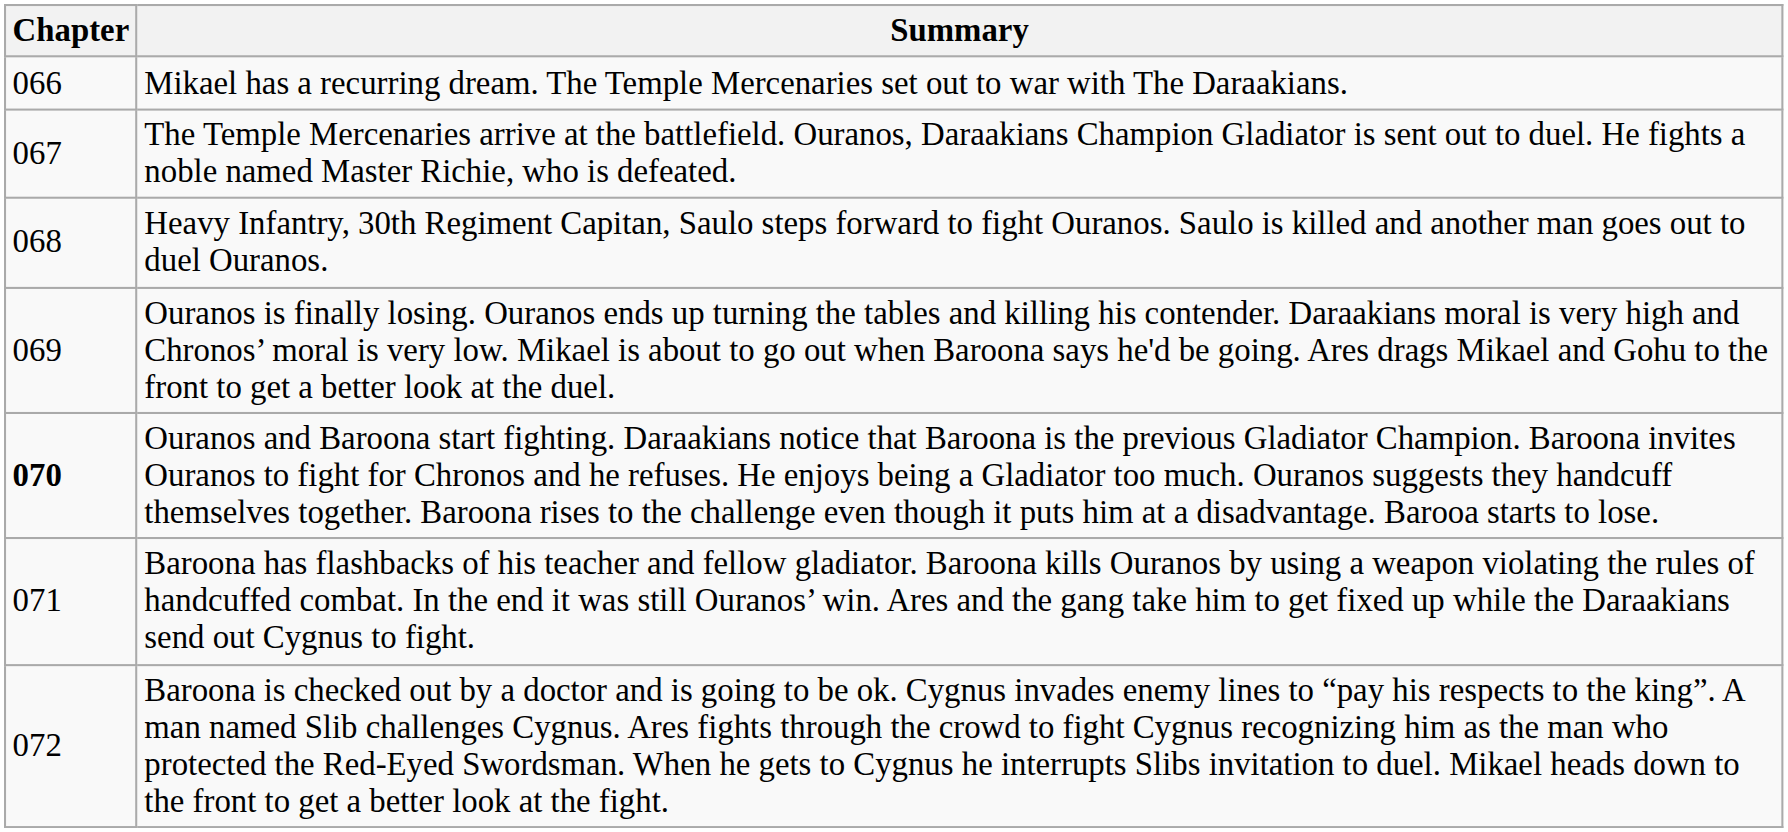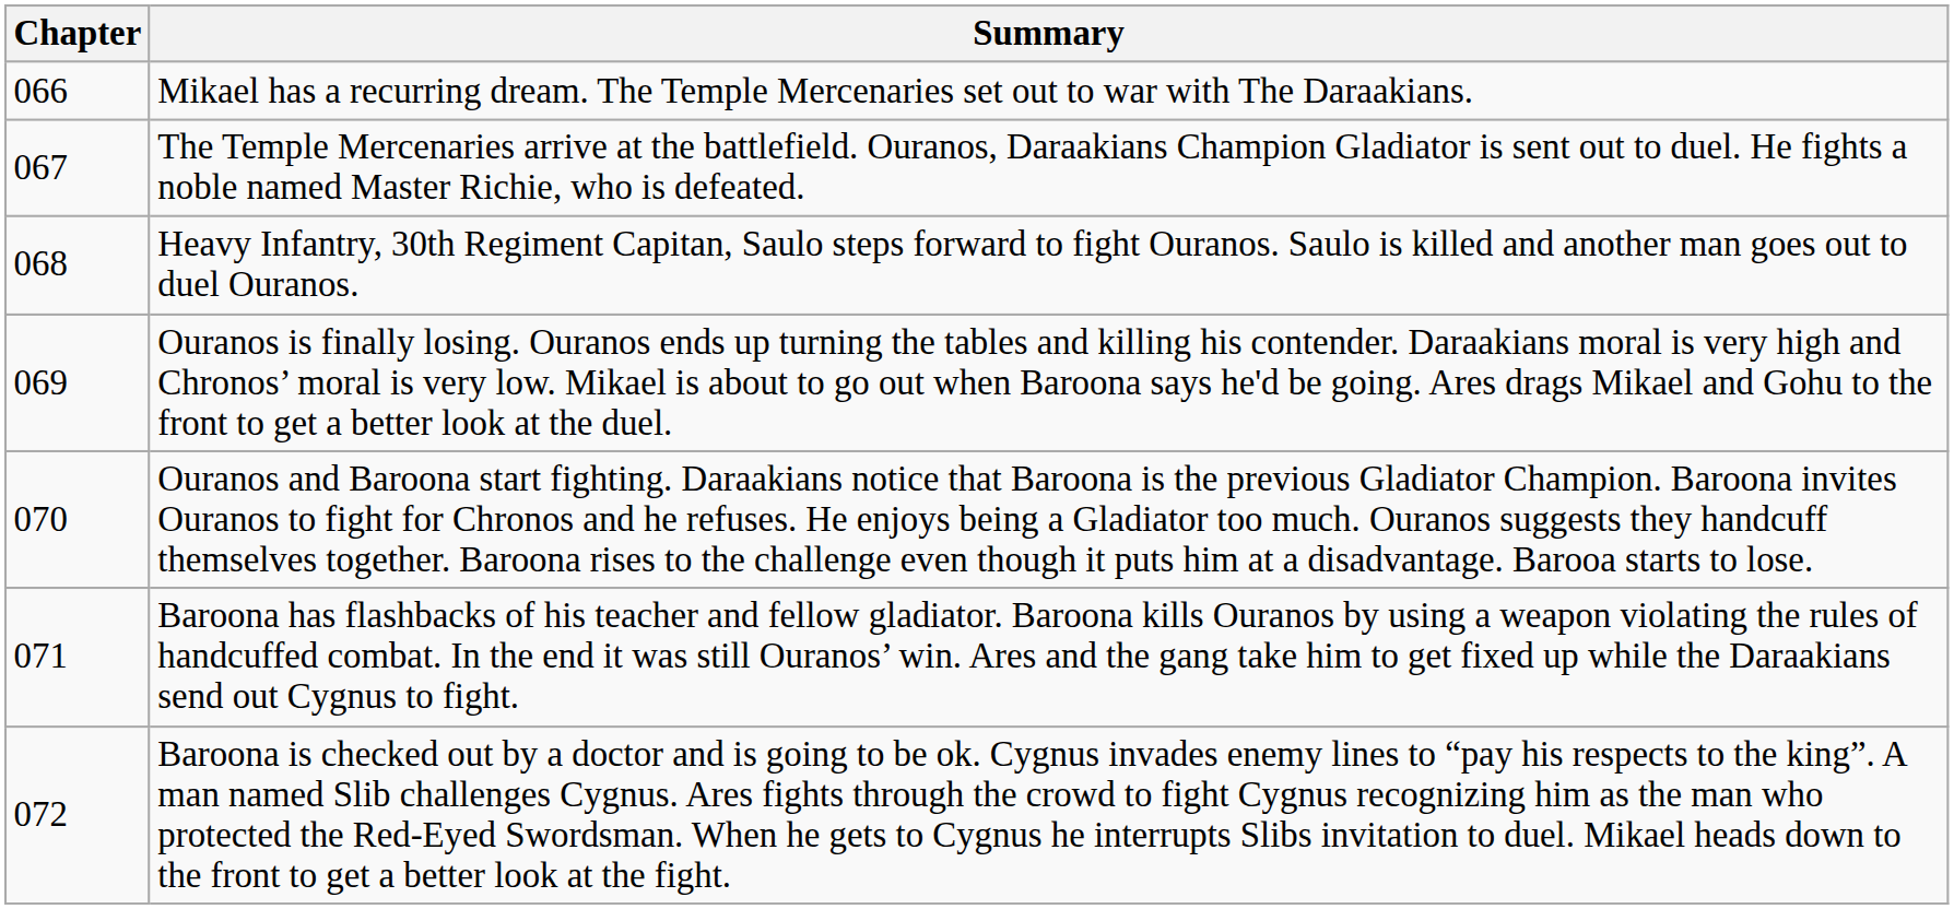 <table class="wikitable">
 <tr>
 <th>Chapter</th>
 <th>Summary</th>
 </tr>
 <tr>
 <td>066</td>
 <td>Mikael has a recurring dream. The Temple Mercenaries set out to war with The Daraakians.</td>
 </tr>
 <tr>
 <td>067</td>
 <td>The Temple Mercenaries arrive at the battlefield. Ouranos, Daraakians Champion Gladiator is sent out to duel. He fights a noble named Master Richie, who is defeated.</td>
 </tr>
 <tr>
 <td>068</td>
 <td>Heavy Infantry, 30th Regiment Capitan, Saulo steps forward to fight Ouranos. Saulo is killed and another man goes out to duel Ouranos.</td>
 </tr>
 <tr>
 <td>069</td>
 <td>Ouranos is finally losing. Ouranos ends up turning the tables and killing his contender. Daraakians moral is very high and Chronos’ moral is very low. Mikael is about to go out when Baroona says he'd be going. Ares drags Mikael and Gohu to the front to get a better look at the duel.</td>
 </tr>
 <tr>
-<td><strong>070</strong></td>
+<td>070</td>
 <td>Ouranos and Baroona start fighting. Daraakians notice that Baroona is the previous Gladiator Champion. Baroona invites Ouranos to fight for Chronos and he refuses. He enjoys being a Gladiator too much. Ouranos suggests they handcuff themselves together. Baroona rises to the challenge even though it puts him at a disadvantage. Barooa starts to lose.</td>
 </tr>
 <tr>
 <td>071</td>
 <td>Baroona has flashbacks of his teacher and fellow gladiator. Baroona kills Ouranos by using a weapon violating the rules of handcuffed combat. In the end it was still Ouranos’ win. Ares and the gang take him to get fixed up while the Daraakians send out Cygnus to fight.</td>
 </tr>
 <tr>
 <td>072</td>
 <td>Baroona is checked out by a doctor and is going to be ok. Cygnus invades enemy lines to “pay his respects to the king”. A man named Slib challenges Cygnus. Ares fights through the crowd to fight Cygnus recognizing him as the man who protected the Red-Eyed Swordsman. When he gets to Cygnus he interrupts Slibs invitation to duel. Mikael heads down to the front to get a better look at the fight.</td>
 </tr>
 </table>
